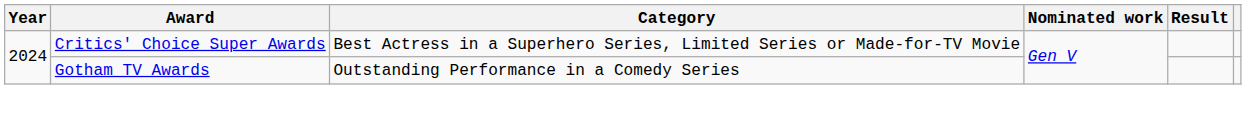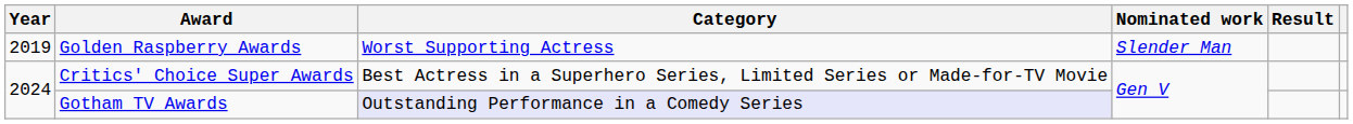 <table class="wikitable">
 <tr>
 <th>Year</th>
 <th>Award</th>
 <th>Category</th>
 <th>Nominated work</th>
 <th>Result</th>
 <th></th>
+</tr>
+<tr>
+<td>2019</td>
+<td><a href='#'>Golden Raspberry Awards</a></td>
+<td><a href='#'>Worst Supporting Actress</a></td>
+<td><em><a href='#'>Slender Man</a></em></td>
+<td></td>
+<td></td>
 </tr>
 <tr>
 <td rowspan="2">2024</td>
 <td><a href='#'>Critics' Choice Super Awards</a></td>
 <td>Best Actress in a Superhero Series, Limited Series or Made-for-TV Movie</td>
 <td rowspan="2"><em><a href='#'>Gen V</a></em></td>
 <td></td>
 <td><br></td>
 </tr>
 <tr>
 <td><a href='#'>Gotham TV Awards</a></td>
-<td>Outstanding Performance in a Comedy Series</td>
+<td style="background: lavender;">Outstanding Performance in a Comedy Series</td>
 <td></td>
 <td><br></td>
 </tr>
 </table>
